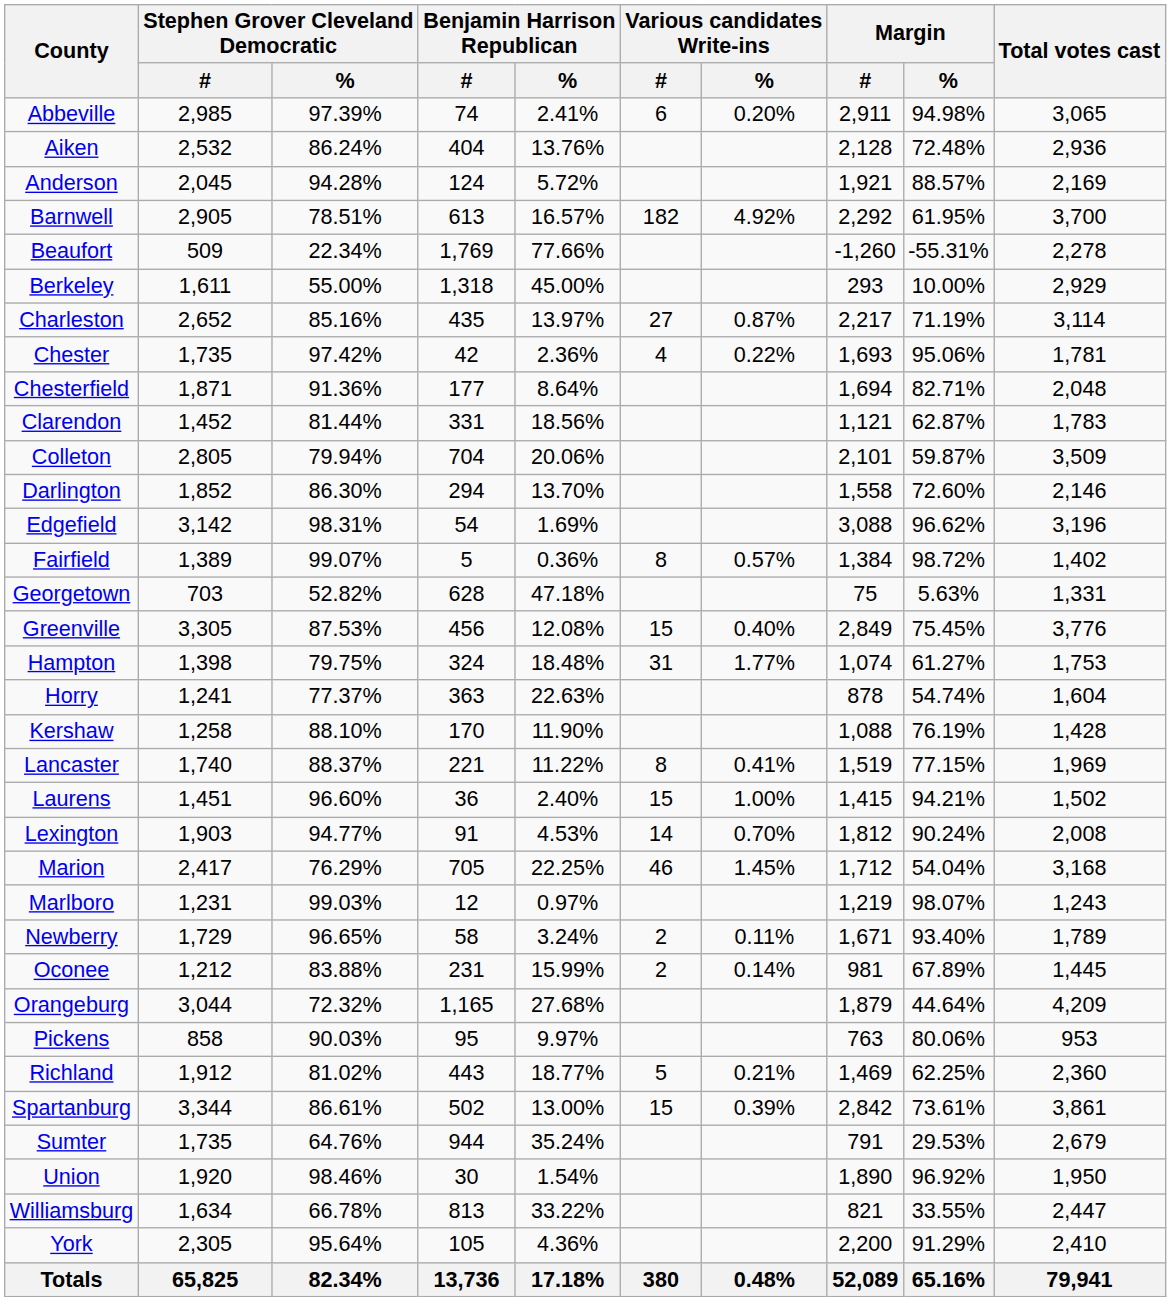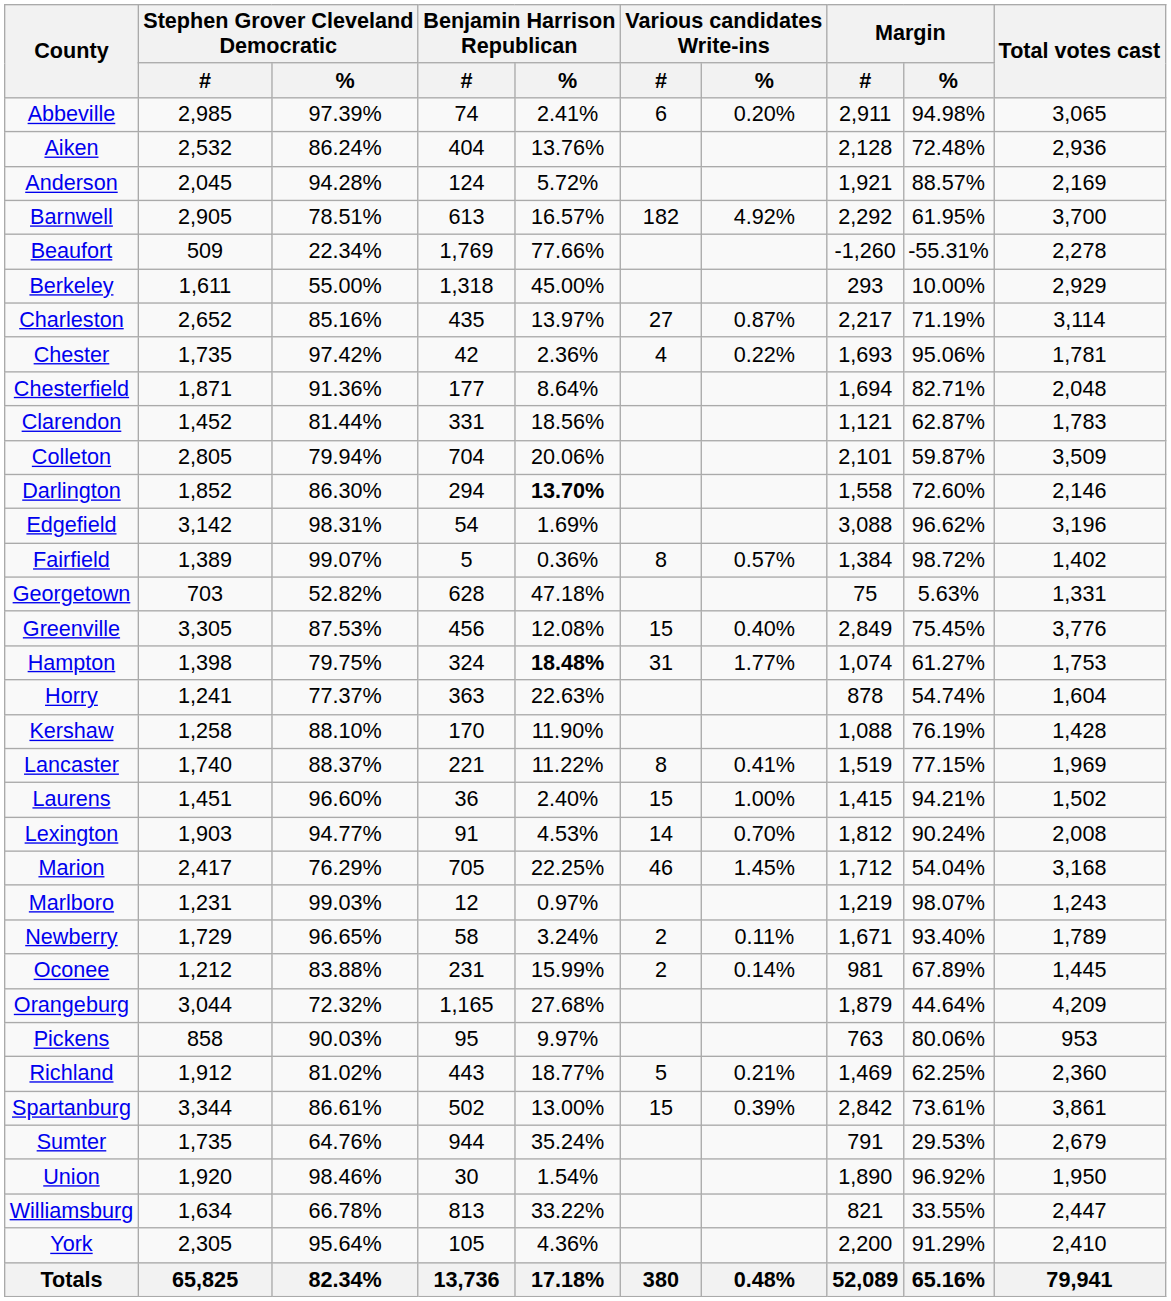 <table class="wikitable sortable mw-collapsible mw-collapsed">
 <tr>
 <th rowspan="2">County</th>
 <th colspan="2">Stephen Grover Cleveland<br>Democratic</th>
 <th colspan="2">Benjamin Harrison<br>Republican</th>
 <th colspan="2">Various candidates<br>Write-ins</th>
 <th colspan="2">Margin</th>
 <th rowspan="2">Total votes cast</th>
 </tr>
 <tr>
 <th data-sort-type="number">#</th>
 <th data-sort-type="number">%</th>
 <th data-sort-type="number">#</th>
 <th data-sort-type="number">%</th>
 <th data-sort-type="number">#</th>
 <th data-sort-type="number">%</th>
 <th data-sort-type="number">#</th>
 <th data-sort-type="number">%</th>
 </tr>
 <tr style="text-align:center;">
 <td><a href='#'>Abbeville</a></td>
 <td>2,985</td>
 <td>97.39%</td>
 <td>74</td>
 <td>2.41%</td>
 <td>6</td>
 <td>0.20%</td>
 <td>2,911</td>
 <td>94.98%</td>
 <td>3,065</td>
 </tr>
 <tr style="text-align:center;">
 <td><a href='#'>Aiken</a></td>
 <td>2,532</td>
 <td>86.24%</td>
 <td>404</td>
 <td>13.76%</td>
 <td></td>
 <td></td>
 <td>2,128</td>
 <td>72.48%</td>
 <td>2,936</td>
 </tr>
 <tr style="text-align:center;">
 <td><a href='#'>Anderson</a></td>
 <td>2,045</td>
 <td>94.28%</td>
 <td>124</td>
 <td>5.72%</td>
 <td></td>
 <td></td>
 <td>1,921</td>
 <td>88.57%</td>
 <td>2,169</td>
 </tr>
 <tr style="text-align:center;">
 <td><a href='#'>Barnwell</a></td>
 <td>2,905</td>
 <td>78.51%</td>
 <td>613</td>
 <td>16.57%</td>
 <td>182</td>
 <td>4.92%</td>
 <td>2,292</td>
 <td>61.95%</td>
 <td>3,700</td>
 </tr>
 <tr style="text-align:center;">
 <td><a href='#'>Beaufort</a></td>
 <td>509</td>
 <td>22.34%</td>
 <td>1,769</td>
 <td>77.66%</td>
 <td></td>
 <td></td>
 <td>-1,260</td>
 <td>-55.31%</td>
 <td>2,278</td>
 </tr>
 <tr style="text-align:center;">
 <td><a href='#'>Berkeley</a></td>
 <td>1,611</td>
 <td>55.00%</td>
 <td>1,318</td>
 <td>45.00%</td>
 <td></td>
 <td></td>
 <td>293</td>
 <td>10.00%</td>
 <td>2,929</td>
 </tr>
 <tr style="text-align:center;">
 <td><a href='#'>Charleston</a></td>
 <td>2,652</td>
 <td>85.16%</td>
 <td>435</td>
 <td>13.97%</td>
 <td>27</td>
 <td>0.87%</td>
 <td>2,217</td>
 <td>71.19%</td>
 <td>3,114</td>
 </tr>
 <tr style="text-align:center;">
 <td><a href='#'>Chester</a></td>
 <td>1,735</td>
 <td>97.42%</td>
 <td>42</td>
 <td>2.36%</td>
 <td>4</td>
 <td>0.22%</td>
 <td>1,693</td>
 <td>95.06%</td>
 <td>1,781</td>
 </tr>
 <tr style="text-align:center;">
 <td><a href='#'>Chesterfield</a></td>
 <td>1,871</td>
 <td>91.36%</td>
 <td>177</td>
 <td>8.64%</td>
 <td></td>
 <td></td>
 <td>1,694</td>
 <td>82.71%</td>
 <td>2,048</td>
 </tr>
 <tr style="text-align:center;">
 <td><a href='#'>Clarendon</a></td>
 <td>1,452</td>
 <td>81.44%</td>
 <td>331</td>
 <td>18.56%</td>
 <td></td>
 <td></td>
 <td>1,121</td>
 <td>62.87%</td>
 <td>1,783</td>
 </tr>
 <tr style="text-align:center;">
 <td><a href='#'>Colleton</a></td>
 <td>2,805</td>
 <td>79.94%</td>
 <td>704</td>
 <td>20.06%</td>
 <td></td>
 <td></td>
 <td>2,101</td>
 <td>59.87%</td>
 <td>3,509</td>
 </tr>
 <tr style="text-align:center;">
 <td><a href='#'>Darlington</a></td>
 <td>1,852</td>
 <td>86.30%</td>
 <td>294</td>
-<td>13.70%</td>
+<td><strong>13.70%</strong></td>
 <td></td>
 <td></td>
 <td>1,558</td>
 <td>72.60%</td>
 <td>2,146</td>
 </tr>
 <tr style="text-align:center;">
 <td><a href='#'>Edgefield</a></td>
 <td>3,142</td>
 <td>98.31%</td>
 <td>54</td>
 <td>1.69%</td>
 <td></td>
 <td></td>
 <td>3,088</td>
 <td>96.62%</td>
 <td>3,196</td>
 </tr>
 <tr style="text-align:center;">
 <td><a href='#'>Fairfield</a></td>
 <td>1,389</td>
 <td>99.07%</td>
 <td>5</td>
 <td>0.36%</td>
 <td>8</td>
 <td>0.57%</td>
 <td>1,384</td>
 <td>98.72%</td>
 <td>1,402</td>
 </tr>
 <tr style="text-align:center;">
 <td><a href='#'>Georgetown</a></td>
 <td>703</td>
 <td>52.82%</td>
 <td>628</td>
 <td>47.18%</td>
 <td></td>
 <td></td>
 <td>75</td>
 <td>5.63%</td>
 <td>1,331</td>
 </tr>
 <tr style="text-align:center;">
 <td><a href='#'>Greenville</a></td>
 <td>3,305</td>
 <td>87.53%</td>
 <td>456</td>
 <td>12.08%</td>
 <td>15</td>
 <td>0.40%</td>
 <td>2,849</td>
 <td>75.45%</td>
 <td>3,776</td>
 </tr>
 <tr style="text-align:center;">
 <td><a href='#'>Hampton</a></td>
 <td>1,398</td>
 <td>79.75%</td>
 <td>324</td>
-<td>18.48%</td>
+<td><strong>18.48%</strong></td>
 <td>31</td>
 <td>1.77%</td>
 <td>1,074</td>
 <td>61.27%</td>
 <td>1,753</td>
 </tr>
 <tr style="text-align:center;">
 <td><a href='#'>Horry</a></td>
 <td>1,241</td>
 <td>77.37%</td>
 <td>363</td>
 <td>22.63%</td>
 <td></td>
 <td></td>
 <td>878</td>
 <td>54.74%</td>
 <td>1,604</td>
 </tr>
 <tr style="text-align:center;">
 <td><a href='#'>Kershaw</a></td>
 <td>1,258</td>
 <td>88.10%</td>
 <td>170</td>
 <td>11.90%</td>
 <td></td>
 <td></td>
 <td>1,088</td>
 <td>76.19%</td>
 <td>1,428</td>
 </tr>
 <tr style="text-align:center;">
 <td><a href='#'>Lancaster</a></td>
 <td>1,740</td>
 <td>88.37%</td>
 <td>221</td>
 <td>11.22%</td>
 <td>8</td>
 <td>0.41%</td>
 <td>1,519</td>
 <td>77.15%</td>
 <td>1,969</td>
 </tr>
 <tr style="text-align:center;">
 <td><a href='#'>Laurens</a></td>
 <td>1,451</td>
 <td>96.60%</td>
 <td>36</td>
 <td>2.40%</td>
 <td>15</td>
 <td>1.00%</td>
 <td>1,415</td>
 <td>94.21%</td>
 <td>1,502</td>
 </tr>
 <tr style="text-align:center;">
 <td><a href='#'>Lexington</a></td>
 <td>1,903</td>
 <td>94.77%</td>
 <td>91</td>
 <td>4.53%</td>
 <td>14</td>
 <td>0.70%</td>
 <td>1,812</td>
 <td>90.24%</td>
 <td>2,008</td>
 </tr>
 <tr style="text-align:center;">
 <td><a href='#'>Marion</a></td>
 <td>2,417</td>
 <td>76.29%</td>
 <td>705</td>
 <td>22.25%</td>
 <td>46</td>
 <td>1.45%</td>
 <td>1,712</td>
 <td>54.04%</td>
 <td>3,168</td>
 </tr>
 <tr style="text-align:center;">
 <td><a href='#'>Marlboro</a></td>
 <td>1,231</td>
 <td>99.03%</td>
 <td>12</td>
 <td>0.97%</td>
 <td></td>
 <td></td>
 <td>1,219</td>
 <td>98.07%</td>
 <td>1,243</td>
 </tr>
 <tr style="text-align:center;">
 <td><a href='#'>Newberry</a></td>
 <td>1,729</td>
 <td>96.65%</td>
 <td>58</td>
 <td>3.24%</td>
 <td>2</td>
 <td>0.11%</td>
 <td>1,671</td>
 <td>93.40%</td>
 <td>1,789</td>
 </tr>
 <tr style="text-align:center;">
 <td><a href='#'>Oconee</a></td>
 <td>1,212</td>
 <td>83.88%</td>
 <td>231</td>
 <td>15.99%</td>
 <td>2</td>
 <td>0.14%</td>
 <td>981</td>
 <td>67.89%</td>
 <td>1,445</td>
 </tr>
 <tr style="text-align:center;">
 <td><a href='#'>Orangeburg</a></td>
 <td>3,044</td>
 <td>72.32%</td>
 <td>1,165</td>
 <td>27.68%</td>
 <td></td>
 <td></td>
 <td>1,879</td>
 <td>44.64%</td>
 <td>4,209</td>
 </tr>
 <tr style="text-align:center;">
 <td><a href='#'>Pickens</a></td>
 <td>858</td>
 <td>90.03%</td>
 <td>95</td>
 <td>9.97%</td>
 <td></td>
 <td></td>
 <td>763</td>
 <td>80.06%</td>
 <td>953</td>
 </tr>
 <tr style="text-align:center;">
 <td><a href='#'>Richland</a></td>
 <td>1,912</td>
 <td>81.02%</td>
 <td>443</td>
 <td>18.77%</td>
 <td>5</td>
 <td>0.21%</td>
 <td>1,469</td>
 <td>62.25%</td>
 <td>2,360</td>
 </tr>
 <tr style="text-align:center;">
 <td><a href='#'>Spartanburg</a></td>
 <td>3,344</td>
 <td>86.61%</td>
 <td>502</td>
 <td>13.00%</td>
 <td>15</td>
 <td>0.39%</td>
 <td>2,842</td>
 <td>73.61%</td>
 <td>3,861</td>
 </tr>
 <tr style="text-align:center;">
 <td><a href='#'>Sumter</a></td>
 <td>1,735</td>
 <td>64.76%</td>
 <td>944</td>
 <td>35.24%</td>
 <td></td>
 <td></td>
 <td>791</td>
 <td>29.53%</td>
 <td>2,679</td>
 </tr>
 <tr style="text-align:center;">
 <td><a href='#'>Union</a></td>
 <td>1,920</td>
 <td>98.46%</td>
 <td>30</td>
 <td>1.54%</td>
 <td></td>
 <td></td>
 <td>1,890</td>
 <td>96.92%</td>
 <td>1,950</td>
 </tr>
 <tr style="text-align:center;">
 <td><a href='#'>Williamsburg</a></td>
 <td>1,634</td>
 <td>66.78%</td>
 <td>813</td>
 <td>33.22%</td>
 <td></td>
 <td></td>
 <td>821</td>
 <td>33.55%</td>
 <td>2,447</td>
 </tr>
 <tr style="text-align:center;">
 <td><a href='#'>York</a></td>
 <td>2,305</td>
 <td>95.64%</td>
 <td>105</td>
 <td>4.36%</td>
 <td></td>
 <td></td>
 <td>2,200</td>
 <td>91.29%</td>
 <td>2,410</td>
 </tr>
 <tr>
 <th>Totals</th>
 <th>65,825</th>
 <th>82.34%</th>
 <th>13,736</th>
 <th>17.18%</th>
 <th>380</th>
 <th>0.48%</th>
 <th>52,089</th>
 <th>65.16%</th>
 <th>79,941</th>
 </tr>
 </table>
